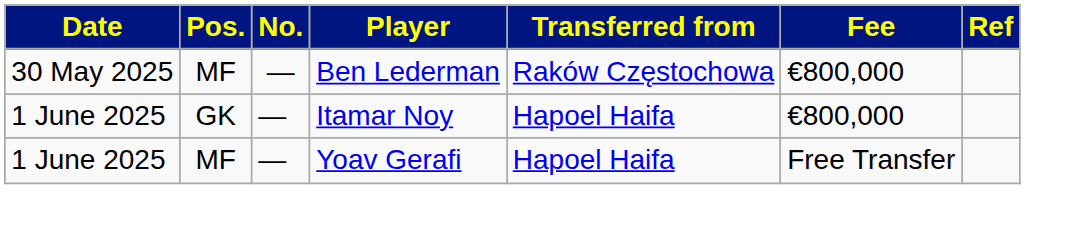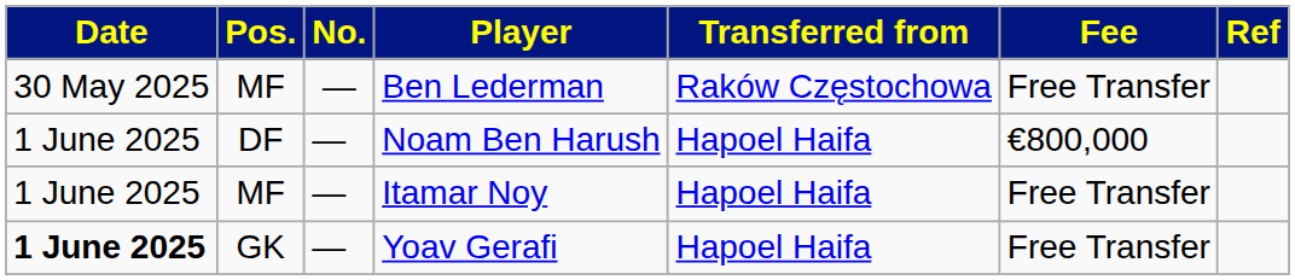 <table class="wikitable plainrowheaders sortable">
 <tr>
 <th style="background:#00157F; color:#FFFF00; ">Date</th>
 <th style="background:#00157F; color:#FFFF00; ">Pos.</th>
 <th style="background:#00157F; color:#FFFF00; ">No.</th>
 <th style="background:#00157F; color:#FFFF00; ">Player</th>
 <th style="background:#00157F; color:#FFFF00; ">Transferred from</th>
 <th style="background:#00157F; color:#FFFF00; ">Fee</th>
 <th style="background:#00157F; color:#FFFF00; ">Ref</th>
 </tr>
 <tr>
 <td>30 May 2025</td>
 <td style="text-align:center;">MF</td>
 <td style="text-align:center;">—</td>
 <td style="text-align:left;"> <a href='#'>Ben Lederman</a></td>
 <td style="text-align:left;"> <a href='#'>Raków Częstochowa</a></td>
-<td>€800,000</td>
+<td>Free Transfer</td>
 <td></td>
 </tr>
 <tr>
 <td>1 June 2025</td>
-<td style="text-align: center;">GK</td>
+<td style="text-align: center;">DF</td>
 <td>—</td>
-<td> <a href='#'>Itamar Noy</a></td>
+<td> <a href='#'>Noam Ben Harush</a></td>
 <td> <a href='#'>Hapoel Haifa</a></td>
 <td>€800,000</td>
 <td></td>
 </tr>
 <tr>
 <td>1 June 2025</td>
 <td style="text-align: center;">MF</td>
 <td>—</td>
+<td> <a href='#'>Itamar Noy</a></td>
+<td> <a href='#'>Hapoel Haifa</a></td>
+<td>Free Transfer</td>
+<td></td>
+</tr>
+<tr>
+<td><strong>1 June 2025</strong></td>
+<td style="text-align: center;">GK</td>
+<td>—</td>
 <td> <a href='#'>Yoav Gerafi</a></td>
 <td> <a href='#'>Hapoel Haifa</a></td>
 <td>Free Transfer</td>
 <td></td>
 </tr>
 </table>
